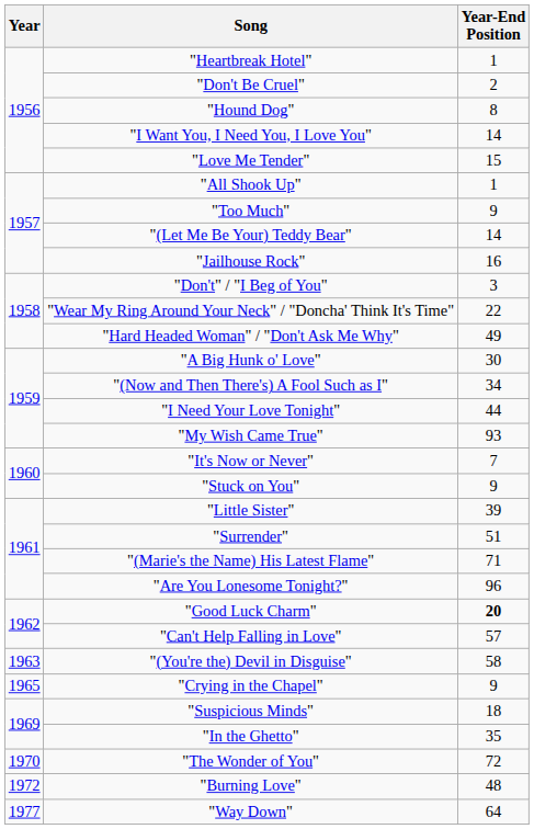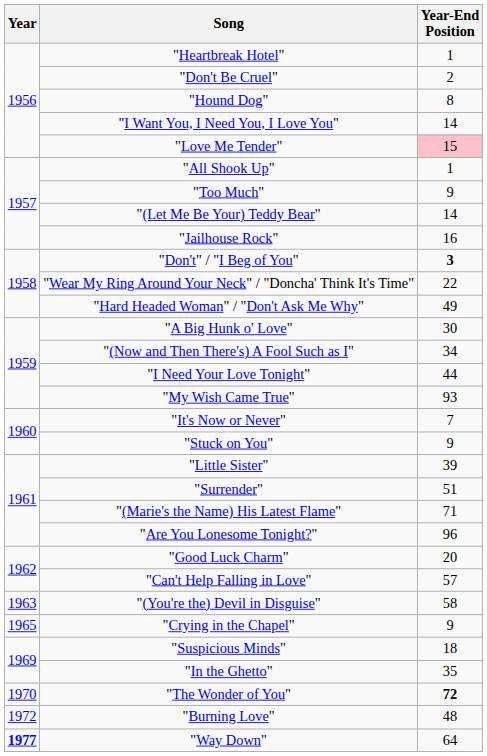 <table class="wikitable plainrowheaders" style="text-align:center;" border="1">
 <tr>
 <th>Year</th>
 <th>Song</th>
 <th>Year-End<br>Position</th>
 </tr>
 <tr>
 <td scope="row" rowspan="5"><a href='#'>1956</a></td>
 <td>"<a href='#'>Heartbreak Hotel</a>"</td>
 <td>1</td>
 </tr>
 <tr>
 <td>"<a href='#'>Don't Be Cruel</a>"</td>
 <td>2</td>
 </tr>
 <tr>
 <td>"<a href='#'>Hound Dog</a>"</td>
 <td>8</td>
 </tr>
 <tr>
 <td>"<a href='#'>I Want You, I Need You, I Love You</a>"</td>
 <td>14</td>
 </tr>
 <tr>
 <td>"<a href='#'>Love Me Tender</a>"</td>
-<td>15</td>
+<td style="background: pink;">15</td>
 </tr>
 <tr>
 <td scope="row" rowspan="4"><a href='#'>1957</a></td>
 <td>"<a href='#'>All Shook Up</a>"</td>
 <td>1</td>
 </tr>
 <tr>
 <td>"<a href='#'>Too Much</a>"</td>
 <td>9</td>
 </tr>
 <tr>
 <td>"<a href='#'>(Let Me Be Your) Teddy Bear</a>"</td>
 <td>14</td>
 </tr>
 <tr>
 <td>"<a href='#'>Jailhouse Rock</a>"</td>
 <td>16</td>
 </tr>
 <tr>
 <td scope="row" rowspan="3"><a href='#'>1958</a></td>
 <td>"<a href='#'>Don't</a>" / "<a href='#'>I Beg of You</a>"</td>
-<td>3</td>
+<td><strong>3</strong></td>
 </tr>
 <tr>
 <td>"<a href='#'>Wear My Ring Around Your Neck</a>" / "Doncha' Think It's Time"</td>
 <td>22</td>
 </tr>
 <tr>
 <td>"<a href='#'>Hard Headed Woman</a>" / "<a href='#'>Don't Ask Me Why</a>"</td>
 <td>49</td>
 </tr>
 <tr>
 <td scope="row" rowspan="4"><a href='#'>1959</a></td>
 <td>"<a href='#'>A Big Hunk o' Love</a>"</td>
 <td>30</td>
 </tr>
 <tr>
 <td>"<a href='#'>(Now and Then There's) A Fool Such as I</a>"</td>
 <td>34</td>
 </tr>
 <tr>
 <td>"<a href='#'>I Need Your Love Tonight</a>"</td>
 <td>44</td>
 </tr>
 <tr>
 <td>"<a href='#'>My Wish Came True</a>"</td>
 <td>93</td>
 </tr>
 <tr>
 <td scope="row" rowspan="2"><a href='#'>1960</a></td>
 <td>"<a href='#'>It's Now or Never</a>"</td>
 <td>7</td>
 </tr>
 <tr>
 <td>"<a href='#'>Stuck on You</a>"</td>
 <td>9</td>
 </tr>
 <tr>
 <td scope="row" rowspan="4"><a href='#'>1961</a></td>
 <td>"<a href='#'>Little Sister</a>"</td>
 <td>39</td>
 </tr>
 <tr>
 <td>"<a href='#'>Surrender</a>"</td>
 <td>51</td>
 </tr>
 <tr>
 <td>"<a href='#'>(Marie's the Name) His Latest Flame</a>"</td>
 <td>71</td>
 </tr>
 <tr>
 <td>"<a href='#'>Are You Lonesome Tonight?</a>"</td>
 <td>96</td>
 </tr>
 <tr>
 <td scope="row" rowspan="2"><a href='#'>1962</a></td>
 <td>"<a href='#'>Good Luck Charm</a>"</td>
-<td><strong>20</strong></td>
+<td>20</td>
 </tr>
 <tr>
 <td>"<a href='#'>Can't Help Falling in Love</a>"</td>
 <td>57</td>
 </tr>
 <tr>
 <td scope="row"><a href='#'>1963</a></td>
 <td>"<a href='#'>(You're the) Devil in Disguise</a>"</td>
 <td>58</td>
 </tr>
 <tr>
 <td scope="row"><a href='#'>1965</a></td>
 <td>"<a href='#'>Crying in the Chapel</a>"</td>
 <td>9</td>
 </tr>
 <tr>
 <td scope="row" rowspan="2"><a href='#'>1969</a></td>
 <td>"<a href='#'>Suspicious Minds</a>"</td>
 <td>18</td>
 </tr>
 <tr>
 <td>"<a href='#'>In the Ghetto</a>"</td>
 <td>35</td>
 </tr>
 <tr>
 <td scope="row"><a href='#'>1970</a></td>
 <td>"<a href='#'>The Wonder of You</a>"</td>
-<td>72</td>
+<td><strong>72</strong></td>
 </tr>
 <tr>
 <td scope="row"><a href='#'>1972</a></td>
 <td>"<a href='#'>Burning Love</a>"</td>
 <td>48</td>
 </tr>
 <tr>
-<td scope="row"><a href='#'>1977</a></td>
+<td scope="row"><strong><a href='#'>1977</a></strong></td>
 <td>"<a href='#'>Way Down</a>"</td>
 <td>64</td>
 </tr>
 </table>
